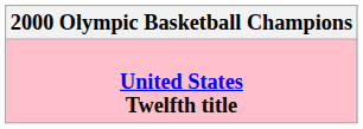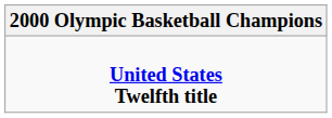 <table class=wikitable style="text-align:center;">
 <tr>
 <th>2000 Olympic Basketball Champions</th>
 </tr>
 <tr>
-<td style="background: pink;"> <br> <strong><a href='#'>United States</a></strong> <br> <strong>Twelfth title</strong></td>
+<td> <br> <strong><a href='#'>United States</a></strong> <br> <strong>Twelfth title</strong></td>
 </tr>
 </table>
